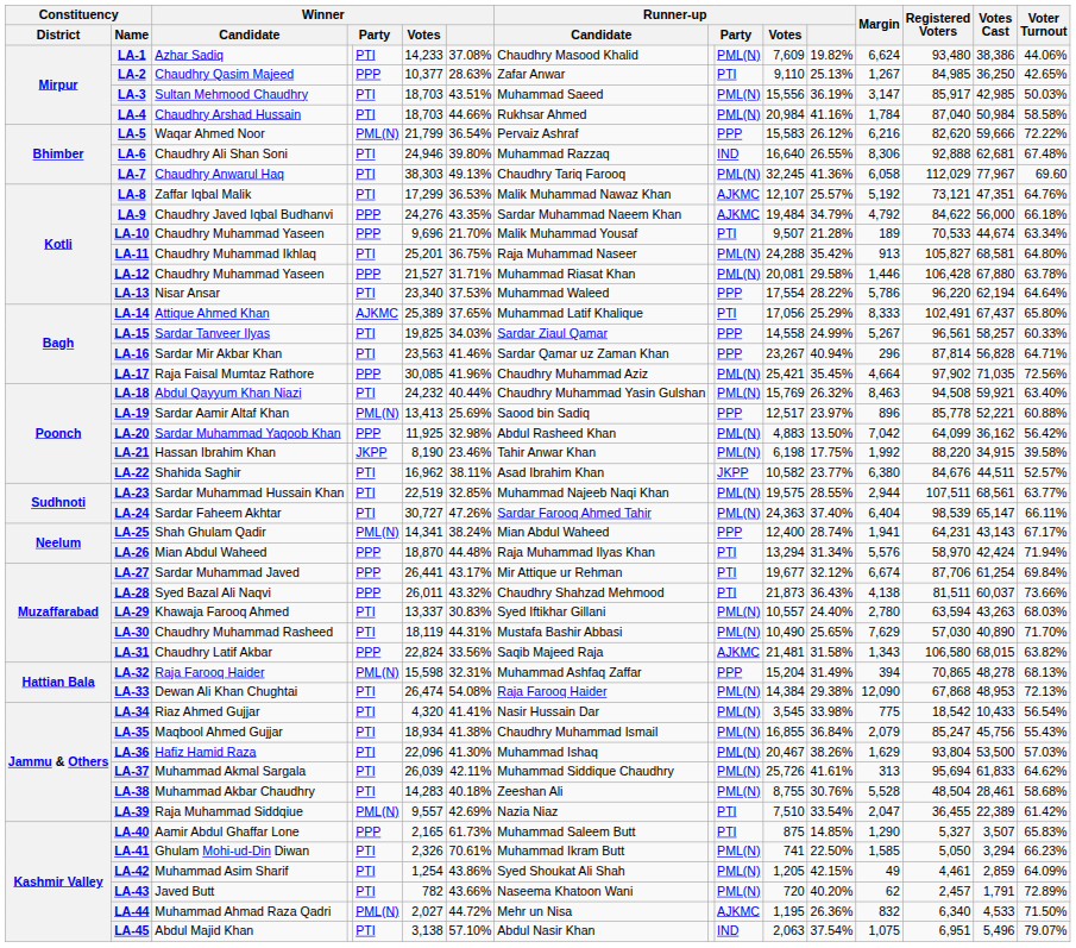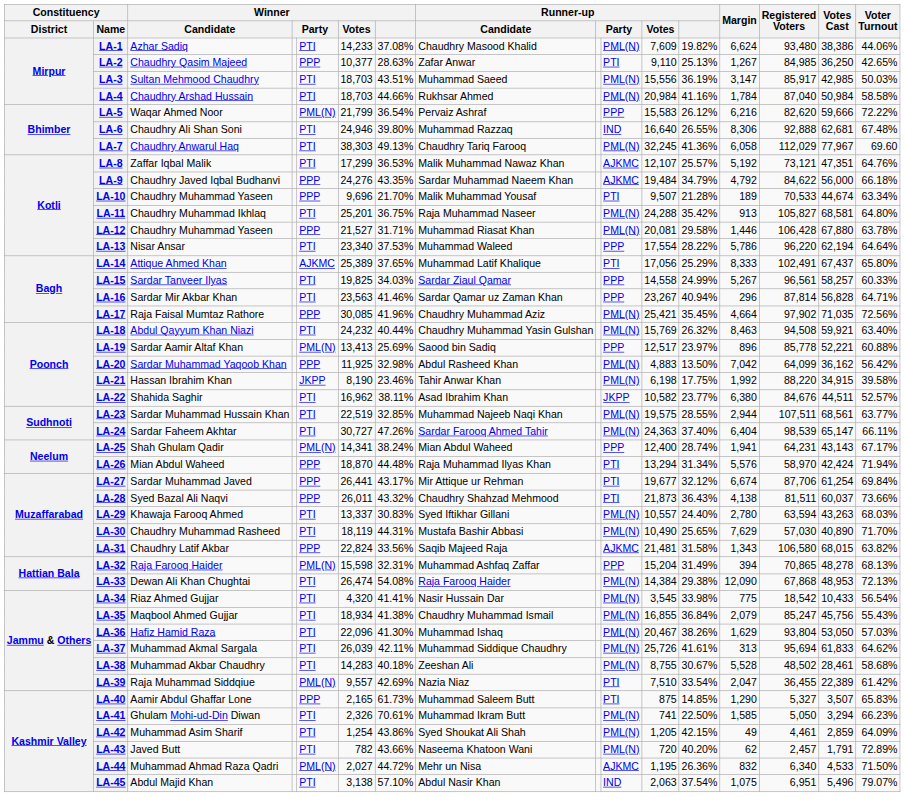 <table class="wikitable sortable">
 <tr>
 <th colspan="2">Constituency</th>
 <th colspan="5">Winner</th>
 <th colspan="5">Runner-up</th>
 <th rowspan="2" data-sort-type="number">Margin</th>
 <th rowspan="2" data-sort-type="number">Registered<br>Voters</th>
 <th rowspan="2" data-sort-type="number">Votes<br>Cast</th>
 <th rowspan="2" data-sort-type="number">Voter<br>Turnout</th>
 </tr>
 <tr>
 <th>District</th>
 <th>Name</th>
 <th>Candidate</th>
 <th colspan="2">Party</th>
 <th data-sort-type="number">Votes</th>
 <th data-sort-type="number"></th>
 <th>Candidate</th>
 <th colspan="2">Party</th>
 <th data-sort-type="number">Votes</th>
 <th data-sort-type="number"></th>
 </tr>
 <tr>
 <th rowspan="4"><a href='#'>Mirpur</a></th>
 <th><a href='#'>LA-1</a></th>
 <td><a href='#'>Azhar Sadiq</a></td>
 <td></td>
 <td><a href='#'>PTI</a></td>
 <td align="right">14,233</td>
 <td align="right">37.08%</td>
 <td>Chaudhry Masood Khalid</td>
 <td></td>
 <td><a href='#'>PML(N)</a></td>
 <td align="right">7,609</td>
 <td align="right">19.82%</td>
 <td align="right">6,624</td>
 <td align="right">93,480</td>
 <td align="right">38,386</td>
 <td align="right">44.06%</td>
 </tr>
 <tr>
 <th><a href='#'>LA-2</a></th>
 <td><a href='#'>Chaudhry Qasim Majeed</a></td>
 <td></td>
 <td><a href='#'>PPP</a></td>
 <td align="right">10,377</td>
 <td align="right">28.63%</td>
 <td>Zafar Anwar</td>
 <td></td>
 <td><a href='#'>PTI</a></td>
 <td align="right">9,110</td>
 <td align="right">25.13%</td>
 <td align="right">1,267</td>
 <td align="right">84,985</td>
 <td align="right">36,250</td>
 <td align="right">42.65%</td>
 </tr>
 <tr>
 <th><a href='#'>LA-3</a></th>
 <td><a href='#'>Sultan Mehmood Chaudhry</a></td>
 <td></td>
 <td><a href='#'>PTI</a></td>
 <td align="right">18,703</td>
 <td align="right">43.51%</td>
 <td>Muhammad Saeed</td>
 <td></td>
 <td><a href='#'>PML(N)</a></td>
 <td align="right">15,556</td>
 <td align="right">36.19%</td>
 <td align="right">3,147</td>
 <td align="right">85,917</td>
 <td align="right">42,985</td>
 <td align="right">50.03%</td>
 </tr>
 <tr>
 <th><a href='#'>LA-4</a></th>
 <td><a href='#'>Chaudhry Arshad Hussain</a></td>
 <td></td>
 <td><a href='#'>PTI</a></td>
 <td align="right">18,703</td>
 <td align="right">44.66%</td>
 <td>Rukhsar Ahmed</td>
 <td></td>
 <td><a href='#'>PML(N)</a></td>
 <td align="right">20,984</td>
 <td align="right">41.16%</td>
 <td align="right">1,784</td>
 <td align="right">87,040</td>
 <td align="right">50,984</td>
 <td align="right">58.58%</td>
 </tr>
 <tr>
 <th rowspan="3"><a href='#'>Bhimber</a></th>
 <th><a href='#'>LA-5</a></th>
 <td>Waqar Ahmed Noor</td>
 <td></td>
 <td><a href='#'>PML(N)</a></td>
 <td align="right">21,799</td>
 <td align="right">36.54%</td>
 <td>Pervaiz Ashraf</td>
 <td></td>
 <td><a href='#'>PPP</a></td>
 <td align="right">15,583</td>
 <td align="right">26.12%</td>
 <td align="right">6,216</td>
 <td align="right">82,620</td>
 <td align="right">59,666</td>
 <td align="right">72.22%</td>
 </tr>
 <tr>
 <th><a href='#'>LA-6</a></th>
 <td>Chaudhry Ali Shan Soni</td>
 <td></td>
 <td><a href='#'>PTI</a></td>
 <td align="right">24,946</td>
 <td align="right">39.80%</td>
 <td>Muhammad Razzaq</td>
 <td></td>
 <td><a href='#'>IND</a></td>
 <td align="right">16,640</td>
 <td align="right">26.55%</td>
 <td align="right">8,306</td>
 <td align="right">92,888</td>
 <td align="right">62,681</td>
 <td align="right">67.48%</td>
 </tr>
 <tr>
 <th><a href='#'>LA-7</a></th>
 <td><a href='#'>Chaudhry Anwarul Haq</a></td>
 <td></td>
 <td><a href='#'>PTI</a></td>
 <td align="right">38,303</td>
 <td align="right">49.13%</td>
 <td>Chaudhry Tariq Farooq</td>
 <td></td>
 <td><a href='#'>PML(N)</a></td>
 <td align="right">32,245</td>
 <td align="right">41.36%</td>
 <td align="right">6,058</td>
 <td align="right">112,029</td>
 <td align="right">77,967</td>
 <td align="right">69.60</td>
 </tr>
 <tr>
 <th rowspan="6"><a href='#'>Kotli</a></th>
 <th><a href='#'>LA-8</a></th>
 <td>Zaffar Iqbal Malik</td>
 <td></td>
 <td><a href='#'>PTI</a></td>
 <td align="right">17,299</td>
 <td align="right">36.53%</td>
 <td>Malik Muhammad Nawaz Khan</td>
 <td></td>
 <td><a href='#'>AJKMC</a></td>
 <td align="right">12,107</td>
 <td align="right">25.57%</td>
 <td align="right">5,192</td>
 <td align="right">73,121</td>
 <td align="right">47,351</td>
 <td align="right">64.76%</td>
 </tr>
 <tr>
 <th><a href='#'>LA-9</a></th>
 <td>Chaudhry Javed Iqbal Budhanvi</td>
 <td></td>
 <td><a href='#'>PPP</a></td>
 <td align="right">24,276</td>
 <td align="right">43.35%</td>
 <td>Sardar Muhammad Naeem Khan</td>
 <td></td>
 <td><a href='#'>AJKMC</a></td>
 <td align="right">19,484</td>
 <td align="right">34.79%</td>
 <td align="right">4,792</td>
 <td align="right">84,622</td>
 <td align="right">56,000</td>
 <td align="right">66.18%</td>
 </tr>
 <tr>
 <th><a href='#'>LA-10</a></th>
 <td>Chaudhry Muhammad Yaseen</td>
 <td></td>
 <td><a href='#'>PPP</a></td>
 <td align="right">9,696</td>
 <td align="right">21.70%</td>
 <td>Malik Muhammad Yousaf</td>
 <td></td>
 <td><a href='#'>PTI</a></td>
 <td align="right">9,507</td>
 <td align="right">21.28%</td>
 <td align="right">189</td>
 <td align="right">70,533</td>
 <td align="right">44,674</td>
 <td align="right">63.34%</td>
 </tr>
 <tr>
 <th><a href='#'>LA-11</a></th>
 <td>Chaudhry Muhammad Ikhlaq</td>
 <td></td>
 <td><a href='#'>PTI</a></td>
 <td align="right">25,201</td>
 <td align="right">36.75%</td>
 <td>Raja Muhammad Naseer</td>
 <td></td>
 <td><a href='#'>PML(N)</a></td>
 <td align="right">24,288</td>
 <td align="right">35.42%</td>
 <td align="right">913</td>
 <td align="right">105,827</td>
 <td align="right">68,581</td>
 <td align="right">64.80%</td>
 </tr>
 <tr>
 <th><a href='#'>LA-12</a></th>
 <td>Chaudhry Muhammad Yaseen</td>
 <td></td>
 <td><a href='#'>PPP</a></td>
 <td align="right">21,527</td>
 <td align="right">31.71%</td>
 <td>Muhammad Riasat Khan</td>
 <td></td>
 <td><a href='#'>PML(N)</a></td>
 <td align="right">20,081</td>
 <td align="right">29.58%</td>
 <td align="right">1,446</td>
 <td align="right">106,428</td>
 <td align="right">67,880</td>
 <td align="right">63.78%</td>
 </tr>
 <tr>
 <th><a href='#'>LA-13</a></th>
 <td>Nisar Ansar</td>
 <td></td>
 <td><a href='#'>PTI</a></td>
 <td align="right">23,340</td>
 <td align="right">37.53%</td>
 <td>Muhammad Waleed</td>
 <td></td>
 <td><a href='#'>PPP</a></td>
 <td align="right">17,554</td>
 <td align="right">28.22%</td>
 <td align="right">5,786</td>
 <td align="right">96,220</td>
 <td align="right">62,194</td>
 <td align="right">64.64%</td>
 </tr>
 <tr>
 <th rowspan="4"><a href='#'>Bagh</a></th>
 <th><a href='#'>LA-14</a></th>
 <td><a href='#'>Attique Ahmed Khan</a></td>
 <td></td>
 <td><a href='#'>AJKMC</a></td>
 <td align="right">25,389</td>
 <td align="right">37.65%</td>
 <td>Muhammad Latif Khalique</td>
 <td></td>
 <td><a href='#'>PTI</a></td>
 <td align="right">17,056</td>
 <td align="right">25.29%</td>
 <td align="right">8,333</td>
 <td align="right">102,491</td>
 <td align="right">67,437</td>
 <td align="right">65.80%</td>
 </tr>
 <tr>
 <th><a href='#'>LA-15</a></th>
 <td><a href='#'>Sardar Tanveer Ilyas</a></td>
 <td></td>
 <td><a href='#'>PTI</a></td>
 <td align="right">19,825</td>
 <td align="right">34.03%</td>
 <td><a href='#'>Sardar Ziaul Qamar</a></td>
 <td></td>
 <td><a href='#'>PPP</a></td>
 <td align="right">14,558</td>
 <td align="right">24.99%</td>
 <td align="right">5,267</td>
 <td align="right">96,561</td>
 <td align="right">58,257</td>
 <td align="right">60.33%</td>
 </tr>
 <tr>
 <th><a href='#'>LA-16</a></th>
 <td>Sardar Mir Akbar Khan</td>
 <td></td>
 <td><a href='#'>PTI</a></td>
 <td align="right">23,563</td>
 <td align="right">41.46%</td>
 <td>Sardar Qamar uz Zaman Khan</td>
 <td></td>
 <td><a href='#'>PPP</a></td>
 <td align="right">23,267</td>
 <td align="right">40.94%</td>
 <td align="right">296</td>
 <td align="right">87,814</td>
 <td align="right">56,828</td>
 <td align="right">64.71%</td>
 </tr>
 <tr>
 <th><a href='#'>LA-17</a></th>
 <td>Raja Faisal Mumtaz Rathore</td>
 <td></td>
 <td><a href='#'>PPP</a></td>
 <td align="right">30,085</td>
 <td align="right">41.96%</td>
 <td>Chaudhry Muhammad Aziz</td>
 <td></td>
 <td><a href='#'>PML(N)</a></td>
 <td align="right">25,421</td>
 <td align="right">35.45%</td>
 <td align="right">4,664</td>
 <td align="right">97,902</td>
 <td align="right">71,035</td>
 <td align="right">72.56%</td>
 </tr>
 <tr>
 <th rowspan="5"><a href='#'>Poonch</a></th>
 <th><a href='#'>LA-18</a></th>
 <td><a href='#'>Abdul Qayyum Khan Niazi</a></td>
 <td></td>
 <td><a href='#'>PTI</a></td>
 <td align="right">24,232</td>
 <td align="right">40.44%</td>
 <td>Chaudhry Muhammad Yasin Gulshan</td>
 <td></td>
 <td><a href='#'>PML(N)</a></td>
 <td align="right">15,769</td>
 <td align="right">26.32%</td>
 <td align="right">8,463</td>
 <td align="right">94,508</td>
 <td align="right">59,921</td>
 <td align="right">63.40%</td>
 </tr>
 <tr>
 <th><a href='#'>LA-19</a></th>
 <td>Sardar Aamir Altaf Khan</td>
 <td></td>
 <td><a href='#'>PML(N)</a></td>
 <td align="right">13,413</td>
 <td align="right">25.69%</td>
 <td>Saood bin Sadiq</td>
 <td></td>
 <td><a href='#'>PPP</a></td>
 <td align="right">12,517</td>
 <td align="right">23.97%</td>
 <td align="right">896</td>
 <td align="right">85,778</td>
 <td align="right">52,221</td>
 <td align="right">60.88%</td>
 </tr>
 <tr>
 <th><a href='#'>LA-20</a></th>
 <td><a href='#'>Sardar Muhammad Yaqoob Khan</a></td>
 <td></td>
 <td><a href='#'>PPP</a></td>
 <td align="right">11,925</td>
 <td align="right">32.98%</td>
 <td>Abdul Rasheed Khan</td>
 <td></td>
 <td><a href='#'>PML(N)</a></td>
 <td align="right">4,883</td>
 <td align="right">13.50%</td>
 <td align="right">7,042</td>
 <td align="right">64,099</td>
 <td align="right">36,162</td>
 <td align="right">56.42%</td>
 </tr>
 <tr>
 <th><a href='#'>LA-21</a></th>
 <td>Hassan Ibrahim Khan</td>
 <td></td>
 <td><a href='#'>JKPP</a></td>
 <td align="right">8,190</td>
 <td align="right">23.46%</td>
 <td>Tahir Anwar Khan</td>
 <td></td>
 <td><a href='#'>PML(N)</a></td>
 <td align="right">6,198</td>
 <td align="right">17.75%</td>
 <td align="right">1,992</td>
 <td align="right">88,220</td>
 <td align="right">34,915</td>
 <td align="right">39.58%</td>
 </tr>
 <tr>
 <th><a href='#'>LA-22</a></th>
 <td>Shahida Saghir</td>
 <td></td>
 <td><a href='#'>PTI</a></td>
 <td align="right">16,962</td>
 <td align="right">38.11%</td>
 <td>Asad Ibrahim Khan</td>
 <td></td>
 <td><a href='#'>JKPP</a></td>
 <td align="right">10,582</td>
 <td align="right">23.77%</td>
 <td align="right">6,380</td>
 <td align="right">84,676</td>
 <td align="right">44,511</td>
 <td align="right">52.57%</td>
 </tr>
 <tr>
 <th rowspan="2"><a href='#'>Sudhnoti</a></th>
 <th><a href='#'>LA-23</a></th>
 <td>Sardar Muhammad Hussain Khan</td>
 <td></td>
 <td><a href='#'>PTI</a></td>
 <td align="right">22,519</td>
 <td align="right">32.85%</td>
 <td>Muhammad Najeeb Naqi Khan</td>
 <td></td>
 <td><a href='#'>PML(N)</a></td>
 <td align="right">19,575</td>
 <td align="right">28.55%</td>
 <td align="right">2,944</td>
 <td align="right">107,511</td>
 <td align="right">68,561</td>
 <td align="right">63.77%</td>
 </tr>
 <tr>
 <th><a href='#'>LA-24</a></th>
 <td>Sardar Faheem Akhtar</td>
 <td></td>
 <td><a href='#'>PTI</a></td>
 <td align="right">30,727</td>
 <td align="right">47.26%</td>
 <td><a href='#'>Sardar Farooq Ahmed Tahir</a></td>
 <td></td>
 <td><a href='#'>PML(N)</a></td>
 <td align="right">24,363</td>
 <td align="right">37.40%</td>
 <td align="right">6,404</td>
 <td align="right">98,539</td>
 <td align="right">65,147</td>
 <td align="right">66.11%</td>
 </tr>
 <tr>
 <th rowspan="2"><a href='#'>Neelum</a></th>
 <th><a href='#'>LA-25</a></th>
 <td>Shah Ghulam Qadir</td>
 <td></td>
 <td><a href='#'>PML(N)</a></td>
 <td align="right">14,341</td>
 <td align="right">38.24%</td>
 <td>Mian Abdul Waheed</td>
 <td></td>
 <td><a href='#'>PPP</a></td>
 <td align="right">12,400</td>
 <td align="right">28.74%</td>
 <td align="right">1,941</td>
 <td align="right">64,231</td>
 <td align="right">43,143</td>
 <td align="right">67.17%</td>
 </tr>
 <tr>
 <th><a href='#'>LA-26</a></th>
 <td>Mian Abdul Waheed</td>
 <td></td>
 <td><a href='#'>PPP</a></td>
 <td align="right">18,870</td>
 <td align="right">44.48%</td>
 <td>Raja Muhammad Ilyas Khan</td>
 <td></td>
 <td><a href='#'>PTI</a></td>
 <td align="right">13,294</td>
 <td align="right">31.34%</td>
 <td align="right">5,576</td>
 <td align="right">58,970</td>
 <td align="right">42,424</td>
 <td align="right">71.94%</td>
 </tr>
 <tr>
 <th rowspan="5"><a href='#'>Muzaffarabad</a></th>
 <th><a href='#'>LA-27</a></th>
 <td>Sardar Muhammad Javed</td>
 <td></td>
 <td><a href='#'>PPP</a></td>
 <td align="right">26,441</td>
 <td align="right">43.17%</td>
 <td>Mir Attique ur Rehman</td>
 <td></td>
 <td><a href='#'>PTI</a></td>
 <td align="right">19,677</td>
 <td align="right">32.12%</td>
 <td align="right">6,674</td>
 <td align="right">87,706</td>
 <td align="right">61,254</td>
 <td align="right">69.84%</td>
 </tr>
 <tr>
 <th><a href='#'>LA-28</a></th>
 <td>Syed Bazal Ali Naqvi</td>
 <td></td>
 <td><a href='#'>PPP</a></td>
 <td align="right">26,011</td>
 <td align="right">43.32%</td>
 <td>Chaudhry Shahzad Mehmood</td>
 <td></td>
 <td><a href='#'>PTI</a></td>
 <td align="right">21,873</td>
 <td align="right">36.43%</td>
 <td align="right">4,138</td>
 <td align="right">81,511</td>
 <td align="right">60,037</td>
 <td align="right">73.66%</td>
 </tr>
 <tr>
 <th><a href='#'>LA-29</a></th>
 <td>Khawaja Farooq Ahmed</td>
 <td></td>
 <td><a href='#'>PTI</a></td>
 <td align="right">13,337</td>
 <td align="right">30.83%</td>
 <td>Syed Iftikhar Gillani</td>
 <td></td>
 <td><a href='#'>PML(N)</a></td>
 <td align="right">10,557</td>
 <td align="right">24.40%</td>
 <td align="right">2,780</td>
 <td align="right">63,594</td>
 <td align="right">43,263</td>
 <td align="right">68.03%</td>
 </tr>
 <tr>
 <th><a href='#'>LA-30</a></th>
 <td>Chaudhry Muhammad Rasheed</td>
 <td></td>
 <td><a href='#'>PTI</a></td>
 <td align="right">18,119</td>
 <td align="right">44.31%</td>
 <td>Mustafa Bashir Abbasi</td>
 <td></td>
 <td><a href='#'>PML(N)</a></td>
 <td align="right">10,490</td>
 <td align="right">25.65%</td>
 <td align="right">7,629</td>
 <td align="right">57,030</td>
 <td align="right">40,890</td>
 <td align="right">71.70%</td>
 </tr>
 <tr>
 <th><a href='#'>LA-31</a></th>
 <td>Chaudhry Latif Akbar</td>
 <td></td>
 <td><a href='#'>PPP</a></td>
 <td align="right">22,824</td>
 <td align="right">33.56%</td>
 <td>Saqib Majeed Raja</td>
 <td></td>
 <td><a href='#'>AJKMC</a></td>
 <td align="right">21,481</td>
 <td align="right">31.58%</td>
 <td align="right">1,343</td>
 <td align="right">106,580</td>
 <td align="right">68,015</td>
 <td align="right">63.82%</td>
 </tr>
 <tr>
 <th rowspan="2"><a href='#'>Hattian Bala</a></th>
 <th><a href='#'>LA-32</a></th>
 <td><a href='#'>Raja Farooq Haider</a></td>
 <td></td>
 <td><a href='#'>PML(N)</a></td>
 <td align="right">15,598</td>
 <td align="right">32.31%</td>
 <td>Muhammad Ashfaq Zaffar</td>
 <td></td>
 <td><a href='#'>PPP</a></td>
 <td align="right">15,204</td>
 <td align="right">31.49%</td>
 <td align="right">394</td>
 <td align="right">70,865</td>
 <td align="right">48,278</td>
 <td align="right">68.13%</td>
 </tr>
 <tr>
 <th><a href='#'>LA-33</a></th>
 <td>Dewan Ali Khan Chughtai</td>
 <td></td>
 <td><a href='#'>PTI</a></td>
 <td align="right">26,474</td>
 <td align="right">54.08%</td>
 <td><a href='#'>Raja Farooq Haider</a></td>
 <td></td>
 <td><a href='#'>PML(N)</a></td>
 <td align="right">14,384</td>
 <td align="right">29.38%</td>
 <td align="right">12,090</td>
 <td align="right">67,868</td>
 <td align="right">48,953</td>
 <td align="right">72.13%</td>
 </tr>
 <tr>
 <th rowspan="6"><a href='#'>Jammu</a> & <a href='#'>Others</a></th>
 <th><a href='#'>LA-34</a></th>
 <td>Riaz Ahmed Gujjar</td>
 <td></td>
 <td><a href='#'>PTI</a></td>
 <td align="right">4,320</td>
 <td align="right">41.41%</td>
 <td>Nasir Hussain Dar</td>
 <td></td>
 <td><a href='#'>PML(N)</a></td>
 <td align="right">3,545</td>
 <td align="right">33.98%</td>
 <td align="right">775</td>
 <td align="right">18,542</td>
 <td align="right">10,433</td>
 <td align="right">56.54%</td>
 </tr>
 <tr>
 <th><a href='#'>LA-35</a></th>
 <td>Maqbool Ahmed Gujjar</td>
 <td></td>
 <td><a href='#'>PTI</a></td>
 <td align="right">18,934</td>
 <td align="right">41.38%</td>
 <td>Chaudhry Muhammad Ismail</td>
 <td></td>
 <td><a href='#'>PML(N)</a></td>
 <td align="right">16,855</td>
 <td align="right">36.84%</td>
 <td align="right">2,079</td>
 <td align="right">85,247</td>
 <td align="right">45,756</td>
 <td align="right">55.43%</td>
 </tr>
 <tr>
 <th><a href='#'>LA-36</a></th>
 <td><a href='#'>Hafiz Hamid Raza</a></td>
 <td></td>
 <td><a href='#'>PTI</a></td>
 <td align="right">22,096</td>
 <td align="right">41.30%</td>
 <td>Muhammad Ishaq</td>
 <td></td>
 <td><a href='#'>PML(N)</a></td>
 <td align="right">20,467</td>
 <td align="right">38.26%</td>
 <td align="right">1,629</td>
 <td align="right">93,804</td>
-<td align="right">53,500</td>
+<td align="right">53,050</td>
 <td align="right">57.03%</td>
 </tr>
 <tr>
 <th><a href='#'>LA-37</a></th>
 <td>Muhammad Akmal Sargala</td>
 <td></td>
 <td><a href='#'>PTI</a></td>
 <td align="right">26,039</td>
 <td align="right">42.11%</td>
 <td>Muhammad Siddique Chaudhry</td>
 <td></td>
 <td><a href='#'>PML(N)</a></td>
 <td align="right">25,726</td>
 <td align="right">41.61%</td>
 <td align="right">313</td>
 <td align="right">95,694</td>
 <td align="right">61,833</td>
 <td align="right">64.62%</td>
 </tr>
 <tr>
 <th><a href='#'>LA-38</a></th>
 <td>Muhammad Akbar Chaudhry</td>
 <td></td>
 <td><a href='#'>PTI</a></td>
 <td align="right">14,283</td>
 <td align="right">40.18%</td>
 <td>Zeeshan Ali</td>
 <td></td>
 <td><a href='#'>PML(N)</a></td>
 <td align="right">8,755</td>
-<td align="right">30.76%</td>
+<td align="right">30.67%</td>
 <td align="right">5,528</td>
-<td align="right">48,504</td>
+<td align="right">48,502</td>
 <td align="right">28,461</td>
 <td align="right">58.68%</td>
 </tr>
 <tr>
 <th><a href='#'>LA-39</a></th>
 <td>Raja Muhammad Siddqiue</td>
 <td></td>
 <td><a href='#'>PML(N)</a></td>
 <td align="right">9,557</td>
 <td align="right">42.69%</td>
 <td>Nazia Niaz</td>
 <td></td>
 <td><a href='#'>PTI</a></td>
 <td align="right">7,510</td>
 <td align="right">33.54%</td>
 <td align="right">2,047</td>
 <td align="right">36,455</td>
 <td align="right">22,389</td>
 <td align="right">61.42%</td>
 </tr>
 <tr>
 <th rowspan="6"><a href='#'>Kashmir Valley</a></th>
 <th><a href='#'>LA-40</a></th>
 <td>Aamir Abdul Ghaffar Lone</td>
 <td></td>
 <td><a href='#'>PPP</a></td>
 <td align="right">2,165</td>
 <td align="right">61.73%</td>
 <td>Muhammad Saleem Butt</td>
 <td></td>
 <td><a href='#'>PTI</a></td>
 <td align="right">875</td>
 <td align="right">14.85%</td>
 <td align="right">1,290</td>
 <td align="right">5,327</td>
 <td align="right">3,507</td>
 <td align="right">65.83%</td>
 </tr>
 <tr>
 <th><a href='#'>LA-41</a></th>
 <td>Ghulam <a href='#'>Mohi-ud-Din</a> Diwan</td>
 <td></td>
 <td><a href='#'>PTI</a></td>
 <td align="right">2,326</td>
 <td align="right">70.61%</td>
 <td>Muhammad Ikram Butt</td>
 <td></td>
 <td><a href='#'>PML(N)</a></td>
 <td align="right">741</td>
 <td align="right">22.50%</td>
 <td align="right">1,585</td>
 <td align="right">5,050</td>
 <td align="right">3,294</td>
 <td align="right">66.23%</td>
 </tr>
 <tr>
 <th><a href='#'>LA-42</a></th>
 <td>Muhammad Asim Sharif</td>
 <td></td>
 <td><a href='#'>PTI</a></td>
 <td align="right">1,254</td>
 <td align="right">43.86%</td>
 <td>Syed Shoukat Ali Shah</td>
 <td></td>
 <td><a href='#'>PML(N)</a></td>
 <td align="right">1,205</td>
 <td align="right">42.15%</td>
 <td align="right">49</td>
 <td align="right">4,461</td>
 <td align="right">2,859</td>
 <td align="right">64.09%</td>
 </tr>
 <tr>
 <th><a href='#'>LA-43</a></th>
 <td>Javed Butt</td>
 <td></td>
 <td><a href='#'>PTI</a></td>
 <td align="right">782</td>
 <td align="right">43.66%</td>
 <td>Naseema Khatoon Wani</td>
 <td></td>
 <td><a href='#'>PML(N)</a></td>
 <td align="right">720</td>
 <td align="right">40.20%</td>
 <td align="right">62</td>
 <td align="right">2,457</td>
 <td align="right">1,791</td>
 <td align="right">72.89%</td>
 </tr>
 <tr>
 <th><a href='#'>LA-44</a></th>
 <td>Muhammad Ahmad Raza Qadri</td>
 <td></td>
 <td><a href='#'>PML(N)</a></td>
 <td align="right">2,027</td>
 <td align="right">44.72%</td>
 <td>Mehr un Nisa</td>
 <td></td>
 <td><a href='#'>AJKMC</a></td>
 <td align="right">1,195</td>
 <td align="right">26.36%</td>
 <td align="right">832</td>
 <td align="right">6,340</td>
 <td align="right">4,533</td>
 <td align="right">71.50%</td>
 </tr>
 <tr>
 <th><a href='#'>LA-45</a></th>
 <td>Abdul Majid Khan</td>
 <td></td>
 <td><a href='#'>PTI</a></td>
 <td align="right">3,138</td>
 <td align="right">57.10%</td>
 <td>Abdul Nasir Khan</td>
 <td></td>
 <td><a href='#'>IND</a></td>
 <td align="right">2,063</td>
 <td align="right">37.54%</td>
 <td align="right">1,075</td>
 <td align="right">6,951</td>
 <td align="right">5,496</td>
 <td align="right">79.07%</td>
 </tr>
 </table>
